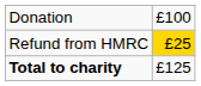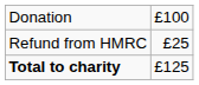 <table class="wikitable">
 <tr>
 <td>Donation</td>
 <td style="text-align:right">£100</td>
 </tr>
 <tr>
 <td>Refund from HMRC</td>
-<td style="background: gold; text-align:right">£25</td>
+<td style="text-align:right">£25</td>
 </tr>
 <tr>
 <td><strong>Total to charity</strong></td>
 <td style="text-align:right">£125</td>
 </tr>
 </table>
